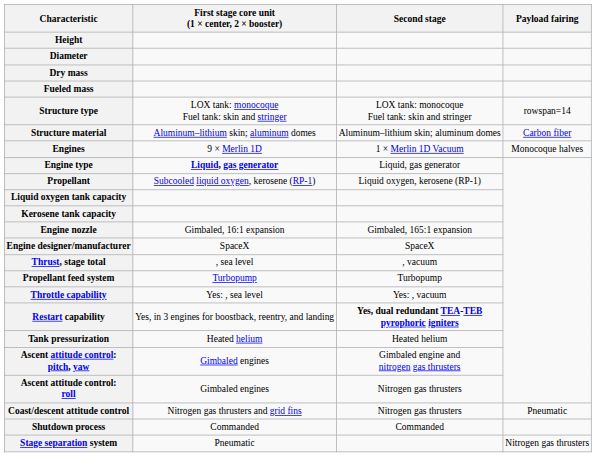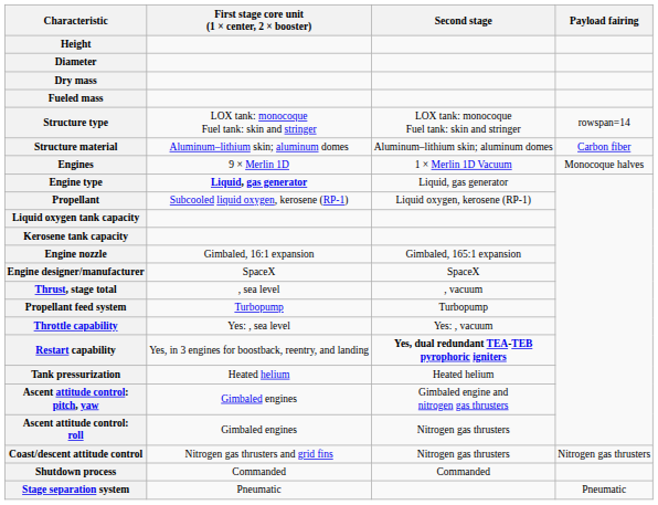 <table class="wikitable sortable mw-collapsible" style="font-size:small; text-align:center;">
 <tr>
 <th>Characteristic</th>
 <th>First stage core unit<br>(1 × center, 2 × booster)</th>
 <th>Second stage</th>
 <th>Payload fairing</th>
 </tr>
 <tr>
 <th>Height</th>
 <td></td>
 <td></td>
 <td></td>
 </tr>
 <tr>
 <th>Diameter</th>
 <td></td>
 <td></td>
 <td></td>
 </tr>
 <tr>
 <th>Dry mass</th>
 <td></td>
 <td></td>
 <td></td>
 </tr>
 <tr>
 <th>Fueled mass</th>
 <td></td>
 <td></td>
 <td></td>
 </tr>
 <tr>
 <th>Structure type</th>
 <td>LOX tank: <a href='#'>monocoque</a><br>Fuel tank: skin and <a href='#'>stringer</a></td>
 <td>LOX tank: monocoque<br>Fuel tank: skin and stringer</td>
 <td>rowspan=14 </td>
 </tr>
 <tr>
 <th>Structure material</th>
 <td><a href='#'>Aluminum–lithium</a> skin; <a href='#'>aluminum</a> domes</td>
 <td>Aluminum–lithium skin; aluminum domes</td>
 <td><a href='#'>Carbon fiber</a></td>
 </tr>
 <tr>
 <th>Engines</th>
 <td>9 × <a href='#'>Merlin 1D</a></td>
 <td>1 × <a href='#'>Merlin 1D Vacuum</a></td>
 <td>Monocoque halves</td>
 </tr>
 <tr>
 <th>Engine type</th>
 <td><strong><a href='#'>Liquid</a>, <a href='#'>gas generator</a></strong></td>
 <td>Liquid, gas generator</td>
 </tr>
 <tr>
 <th>Propellant</th>
 <td><a href='#'>Subcooled</a> <a href='#'>liquid oxygen</a>, kerosene (<a href='#'>RP-1</a>)</td>
 <td>Liquid oxygen, kerosene (RP-1)</td>
 </tr>
 <tr>
 <th>Liquid oxygen tank capacity</th>
 <td></td>
 <td></td>
 </tr>
 <tr>
 <th>Kerosene tank capacity</th>
 <td></td>
 <td></td>
 </tr>
 <tr>
 <th>Engine nozzle</th>
 <td>Gimbaled, 16:1 expansion</td>
 <td>Gimbaled, 165:1 expansion</td>
 </tr>
 <tr>
 <th>Engine designer/manufacturer</th>
 <td>SpaceX</td>
 <td>SpaceX</td>
 </tr>
 <tr>
 <th><a href='#'>Thrust</a>, stage total</th>
 <td>, sea level</td>
 <td>, vacuum</td>
 </tr>
 <tr>
 <th>Propellant feed system</th>
 <td><a href='#'>Turbopump</a></td>
 <td>Turbopump</td>
 </tr>
 <tr>
 <th><a href='#'>Throttle capability</a></th>
 <td>Yes: , sea level</td>
 <td>Yes: , vacuum</td>
 </tr>
 <tr>
 <th><a href='#'>Restart</a> capability</th>
 <td>Yes, in 3 engines for boostback, reentry, and landing</td>
 <td><strong>Yes, dual redundant <a href='#'>TEA</a>-<a href='#'>TEB</a><br><a href='#'>pyrophoric</a> <a href='#'>igniters</a></strong></td>
 </tr>
 <tr>
 <th>Tank pressurization</th>
 <td>Heated <a href='#'>helium</a></td>
 <td>Heated helium</td>
 </tr>
 <tr>
 <th>Ascent <a href='#'>attitude control</a>:<br><a href='#'>pitch</a>, <a href='#'>yaw</a></th>
 <td><a href='#'>Gimbaled</a> engines</td>
 <td>Gimbaled engine and<br><a href='#'>nitrogen</a> <a href='#'>gas thrusters</a></td>
 </tr>
 <tr>
 <th>Ascent attitude control:<br><a href='#'>roll</a></th>
 <td>Gimbaled engines</td>
 <td>Nitrogen gas thrusters</td>
 </tr>
 <tr>
 <th>Coast/descent attitude control</th>
 <td>Nitrogen gas thrusters and <a href='#'>grid fins</a></td>
 <td>Nitrogen gas thrusters</td>
-<td>Pneumatic</td>
+<td>Nitrogen gas thrusters</td>
 </tr>
 <tr>
 <th>Shutdown process</th>
 <td>Commanded</td>
 <td>Commanded</td>
 <td></td>
 </tr>
 <tr>
 <th><a href='#'>Stage separation</a> system</th>
 <td>Pneumatic</td>
 <td></td>
-<td>Nitrogen gas thrusters</td>
+<td>Pneumatic</td>
 </tr>
 </table>
